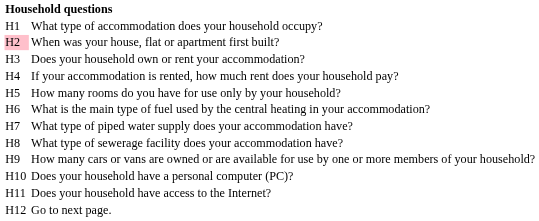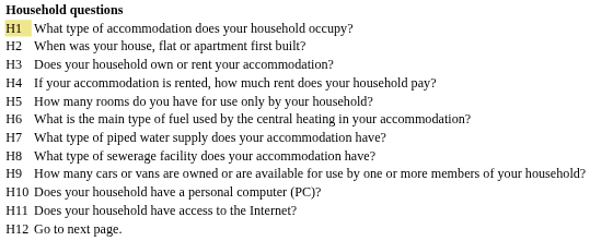 <table>
 <tr>
 <td colspan="2"><strong>Household questions</strong></td>
 </tr>
 <tr>
-<td width="30">H1</td>
+<td width="30" style="background: khaki;">H1</td>
 <td>What type of accommodation does your household occupy?</td>
 </tr>
 <tr>
-<td style="background: pink;">H2</td>
+<td>H2</td>
 <td>When was your house, flat or apartment first built?</td>
 </tr>
 <tr>
 <td>H3</td>
 <td>Does your household own or rent your accommodation?</td>
 </tr>
 <tr>
 <td>H4</td>
 <td>If your accommodation is rented, how much rent does your household pay?</td>
 </tr>
 <tr>
 <td>H5</td>
 <td>How many rooms do you have for use only by your household?</td>
 </tr>
 <tr>
 <td>H6</td>
 <td>What is the main type of fuel used by the central heating in your accommodation?</td>
 </tr>
 <tr>
 <td>H7</td>
 <td>What type of piped water supply does your accommodation have?</td>
 </tr>
 <tr>
 <td>H8</td>
 <td>What type of sewerage facility does your accommodation have?</td>
 </tr>
 <tr>
 <td>H9</td>
 <td>How many cars or vans are owned or are available for use by one or more members of your household?</td>
 </tr>
 <tr>
 <td>H10</td>
 <td>Does your household have a personal computer (PC)?</td>
 </tr>
 <tr>
 <td>H11</td>
 <td>Does your household have access to the Internet?</td>
 </tr>
 <tr>
 <td>H12</td>
 <td>Go to next page.</td>
 </tr>
 </table>
